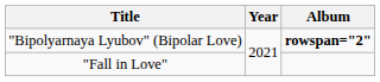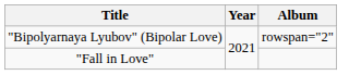 <table class="wikitable plainrowheaders" style="text-align:center;">
 <tr>
 <th scope="col">Title</th>
 <th scope="col">Year</th>
 <th scope="col">Album</th>
 </tr>
 <tr>
 <td>"Bipolyarnaya Lyubov" (Bipolar Love)</td>
 <td rowspan="2">2021</td>
-<td><strong>rowspan="2" </strong></td>
+<td>rowspan="2" </td>
 </tr>
 <tr>
 <td>"Fall in Love"</td>
 </tr>
 </table>
